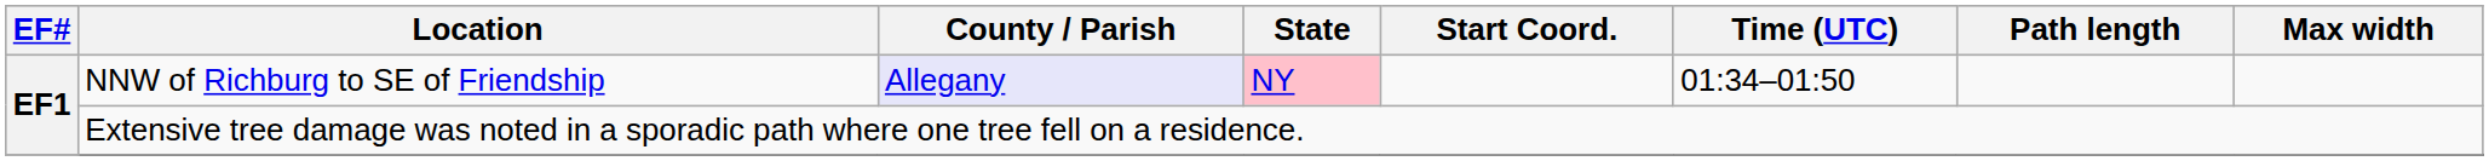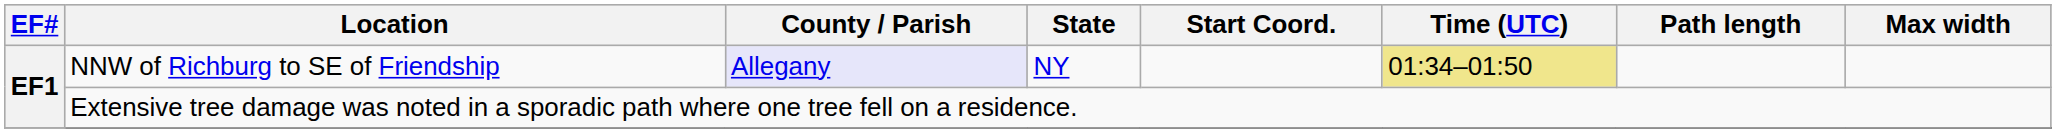 <table class="wikitable sortable" style="width:100%;">
 <tr>
 <th scope="col" width="2%" align="center"><a href='#'>EF#</a></th>
 <th scope="col" align="center" class="unsortable">Location</th>
 <th scope="col" align="center" class="unsortable">County / Parish</th>
 <th scope="col" align="center">State</th>
 <th scope="col" align="center">Start Coord.</th>
 <th scope="col" align="center">Time (<a href='#'>UTC</a>)</th>
 <th scope="col" align="center">Path length</th>
 <th scope="col" align="center">Max width</th>
 </tr>
 <tr>
 <th scope="row" rowspan="2" style="background-color:#">EF1</th>
 <td>NNW of <a href='#'>Richburg</a> to SE of <a href='#'>Friendship</a></td>
 <td style="background: lavender;"><a href='#'>Allegany</a></td>
-<td style="background: pink;"><a href='#'>NY</a></td>
+<td><a href='#'>NY</a></td>
 <td></td>
-<td>01:34–01:50</td>
+<td style="background: khaki;">01:34–01:50</td>
 <td></td>
 <td></td>
 </tr>
 <tr class="expand-child">
 <td colspan="8" style=" border-bottom: 1px solid black;">Extensive tree damage was noted in a sporadic path where one tree fell on a residence.</td>
 </tr>
 <tr>
 </tr>
 </table>
